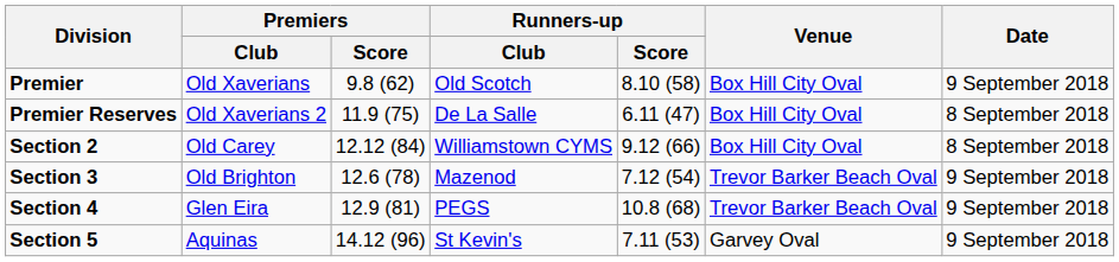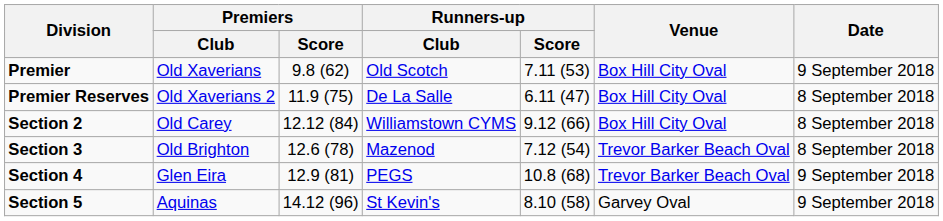 <table class="wikitable" style=text-align:center>
 <tr>
 <th rowspan=2>Division</th>
 <th colspan=2>Premiers</th>
 <th colspan=2>Runners-up</th>
 <th rowspan=2>Venue</th>
 <th rowspan=2 class=unsortable>Date</th>
 </tr>
 <tr>
 <th>Club</th>
 <th>Score</th>
 <th>Club</th>
 <th>Score</th>
 </tr>
 <tr>
 <td align="left"><strong>Premier</strong></td>
 <td align=left><a href='#'>Old Xaverians</a></td>
 <td>9.8 (62)</td>
 <td align=left><a href='#'>Old Scotch</a></td>
-<td>8.10 (58)</td>
+<td>7.11 (53)</td>
 <td align=left><a href='#'>Box Hill City Oval</a></td>
 <td>9 September 2018</td>
 </tr>
 <tr>
 <td align="left"><strong>Premier Reserves</strong></td>
 <td align=left><a href='#'>Old Xaverians 2</a></td>
 <td>11.9 (75)</td>
 <td align=left><a href='#'>De La Salle</a></td>
 <td>6.11 (47)</td>
 <td align=left><a href='#'>Box Hill City Oval</a></td>
 <td>8 September 2018</td>
 </tr>
 <tr>
 <td align="left"><strong>Section 2</strong></td>
 <td align=left><a href='#'>Old Carey</a></td>
 <td>12.12 (84)</td>
 <td align=left><a href='#'>Williamstown CYMS</a></td>
 <td>9.12 (66)</td>
 <td align=left><a href='#'>Box Hill City Oval</a></td>
 <td>8 September 2018</td>
 </tr>
 <tr>
 <td align="left"><strong>Section 3</strong></td>
 <td align=left><a href='#'>Old Brighton</a></td>
 <td>12.6 (78)</td>
 <td align=left><a href='#'>Mazenod</a></td>
 <td>7.12 (54)</td>
 <td align=left><a href='#'>Trevor Barker Beach Oval</a></td>
-<td>9 September 2018</td>
+<td>8 September 2018</td>
 </tr>
 <tr>
 <td align="left"><strong>Section 4</strong></td>
 <td align=left><a href='#'>Glen Eira</a></td>
 <td>12.9 (81)</td>
 <td align=left><a href='#'>PEGS</a></td>
 <td>10.8 (68)</td>
 <td align=left><a href='#'>Trevor Barker Beach Oval</a></td>
 <td>9 September 2018</td>
 </tr>
 <tr>
 <td align="left"><strong>Section 5</strong></td>
 <td align=left><a href='#'>Aquinas</a></td>
 <td>14.12 (96)</td>
 <td align=left><a href='#'>St Kevin's</a></td>
-<td>7.11 (53)</td>
+<td>8.10 (58)</td>
 <td align=left>Garvey Oval</td>
 <td>9 September 2018</td>
 </tr>
 </table>
